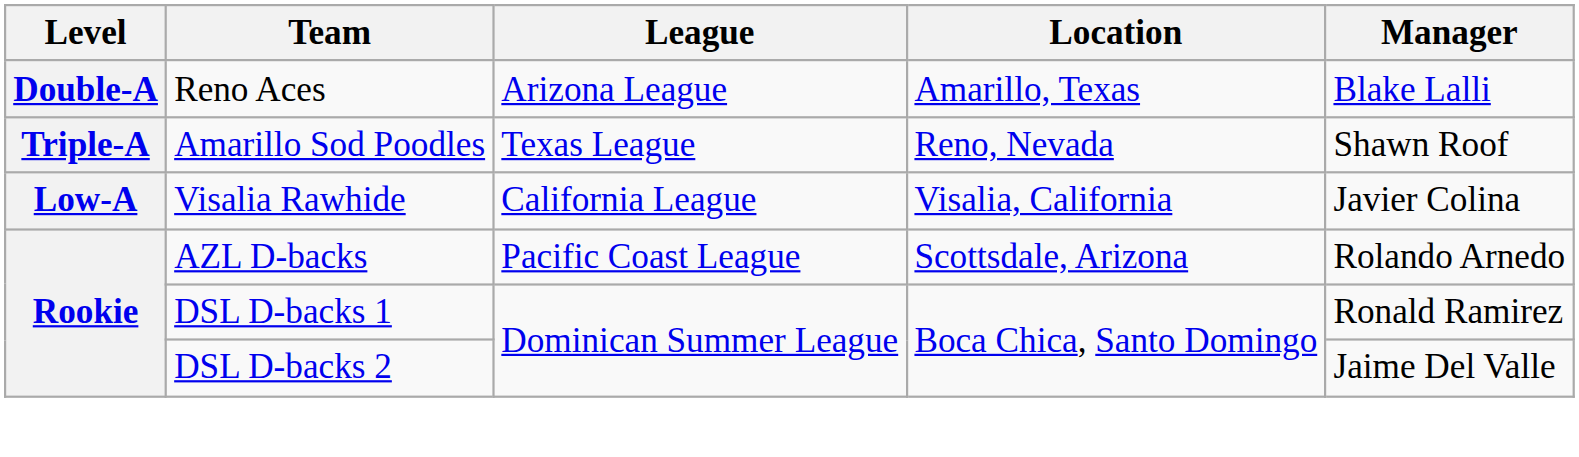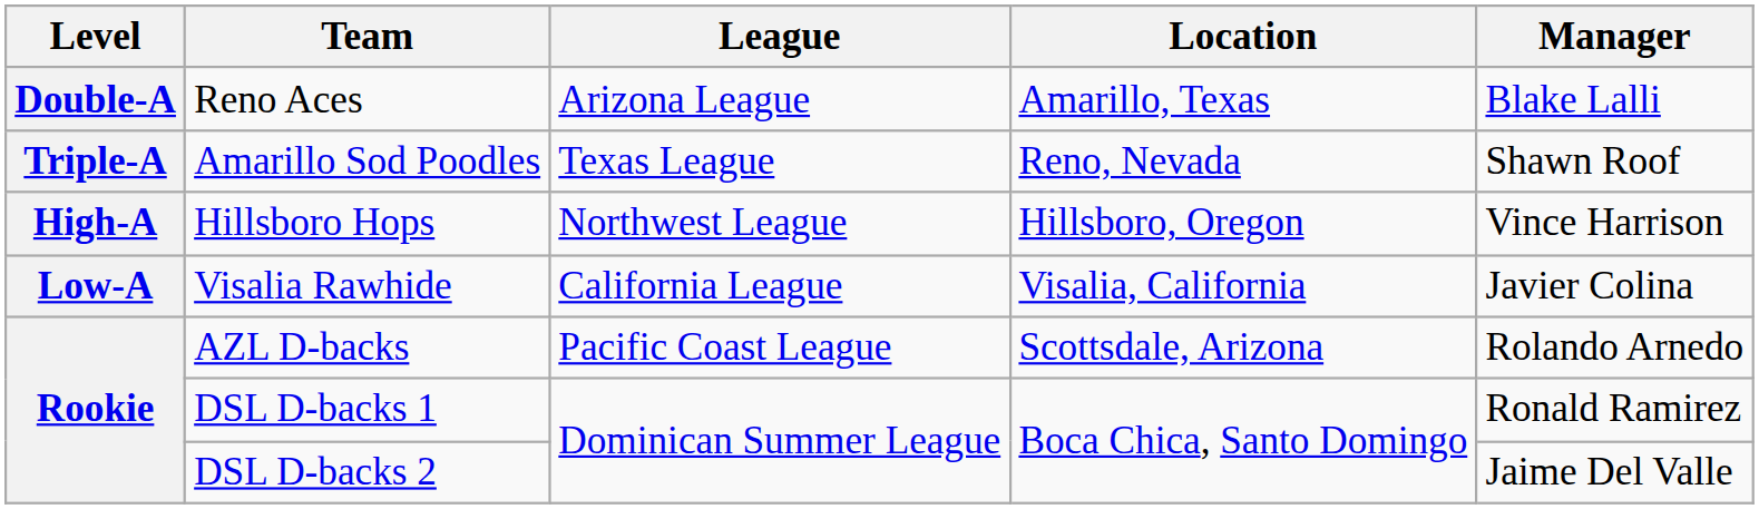 <table class="wikitable plainrowheaders">
 <tr>
 <th scope="col" style="text-align:center; ">Level</th>
 <th scope="col" style="text-align:center; ">Team</th>
 <th scope="col" style="text-align:center; ">League</th>
 <th scope="col" style="text-align:center; ">Location</th>
 <th scope="col" style="text-align:center; ">Manager</th>
 </tr>
 <tr>
 <th scope="row"><a href='#'>Double-A</a></th>
 <td>Reno Aces</td>
 <td><a href='#'>Arizona League</a></td>
 <td><a href='#'>Amarillo, Texas</a></td>
 <td><a href='#'>Blake Lalli</a></td>
 </tr>
 <tr>
 <th scope="row"><a href='#'>Triple-A</a></th>
 <td><a href='#'>Amarillo Sod Poodles</a></td>
 <td><a href='#'>Texas League</a></td>
 <td><a href='#'>Reno, Nevada</a></td>
 <td>Shawn Roof</td>
+</tr>
+<tr>
+<th scope="row"><a href='#'>High-A</a></th>
+<td><a href='#'>Hillsboro Hops</a></td>
+<td><a href='#'>Northwest League</a></td>
+<td><a href='#'>Hillsboro, Oregon</a></td>
+<td>Vince Harrison</td>
 </tr>
 <tr>
 <th scope="row"><a href='#'>Low-A</a></th>
 <td><a href='#'>Visalia Rawhide</a></td>
 <td><a href='#'>California League</a></td>
 <td><a href='#'>Visalia, California</a></td>
 <td>Javier Colina</td>
 </tr>
 <tr>
 <th scope="row" rowspan=4><a href='#'>Rookie</a></th>
 <td><a href='#'>AZL D-backs</a></td>
 <td><a href='#'>Pacific Coast League</a></td>
 <td><a href='#'>Scottsdale, Arizona</a></td>
 <td>Rolando Arnedo</td>
 </tr>
 <tr>
 <td><a href='#'>DSL D-backs 1</a></td>
 <td rowspan=2><a href='#'>Dominican Summer League</a></td>
 <td rowspan=2><a href='#'>Boca Chica</a>, <a href='#'>Santo Domingo</a></td>
 <td>Ronald Ramirez</td>
 </tr>
 <tr>
 <td><a href='#'>DSL D-backs 2</a></td>
 <td>Jaime Del Valle</td>
 </tr>
 </table>
